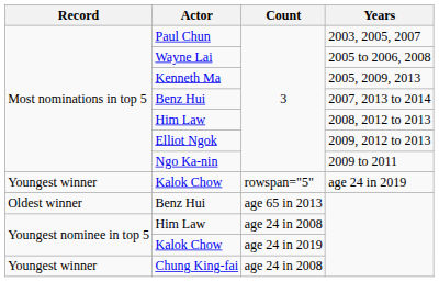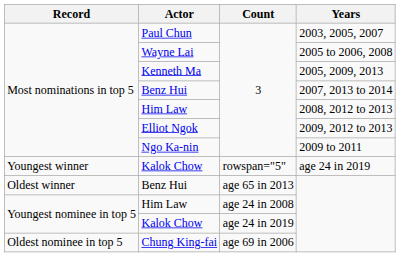 <table class="wikitable plainrowheaders sortable">
 <tr>
 <th scope="col" class="unsortable">Record</th>
 <th scope="col" class="unsortable">Actor</th>
 <th scope="col" class="unsortable">Count</th>
 <th scope="col" class="unsortable">Years</th>
 </tr>
 <tr>
 <td rowspan="7">Most nominations in top 5</td>
 <td><a href='#'>Paul Chun</a></td>
 <td rowspan="7" style="text-align:center;">3</td>
 <td>2003, 2005, 2007</td>
 </tr>
 <tr>
 <td><a href='#'>Wayne Lai</a></td>
 <td>2005 to 2006, 2008</td>
 </tr>
 <tr>
 <td><a href='#'>Kenneth Ma</a></td>
 <td>2005, 2009, 2013</td>
 </tr>
 <tr>
 <td><a href='#'>Benz Hui</a></td>
 <td>2007, 2013 to 2014</td>
 </tr>
 <tr>
 <td><a href='#'>Him Law</a></td>
 <td>2008, 2012 to 2013</td>
 </tr>
 <tr>
 <td><a href='#'>Elliot Ngok</a></td>
 <td>2009, 2012 to 2013</td>
 </tr>
 <tr>
 <td><a href='#'>Ngo Ka-nin</a></td>
 <td>2009 to 2011</td>
 </tr>
 <tr>
 <td>Youngest winner</td>
 <td><a href='#'>Kalok Chow</a></td>
 <td>rowspan="5" </td>
 <td>age 24 in 2019</td>
 </tr>
 <tr>
 <td>Oldest winner</td>
 <td>Benz Hui</td>
 <td>age 65 in 2013</td>
 </tr>
 <tr>
 <td rowspan="2">Youngest nominee in top 5</td>
 <td>Him Law</td>
 <td>age 24 in 2008</td>
 </tr>
 <tr>
 <td><a href='#'>Kalok Chow</a></td>
 <td>age 24 in 2019</td>
 </tr>
 <tr>
-<td>Youngest winner</td>
+<td>Oldest nominee in top 5</td>
 <td><a href='#'>Chung King-fai</a></td>
-<td>age 24 in 2008</td>
+<td>age 69 in 2006</td>
 </tr>
 </table>
